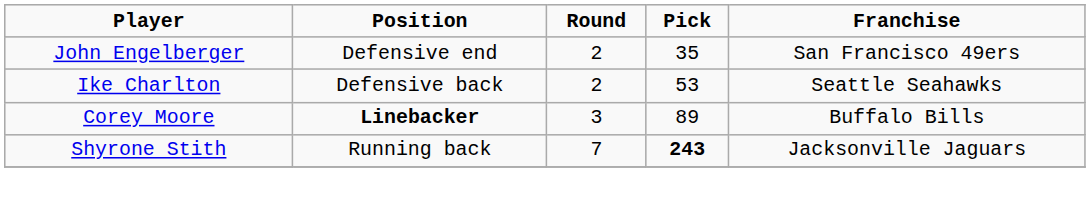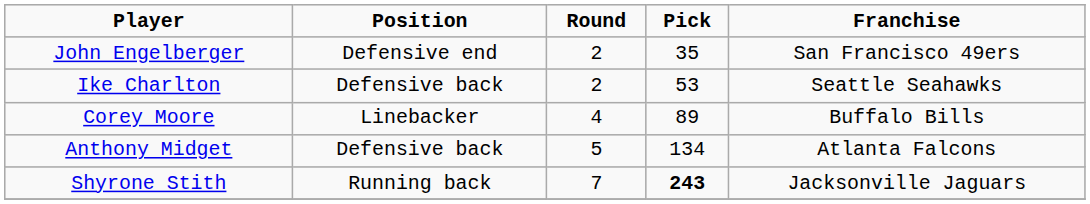 <table class="wikitable" width="80%">
 <tr align="center">
 <td><strong>Player</strong></td>
 <td><strong>Position</strong></td>
 <td><strong>Round</strong></td>
 <td><strong>Pick</strong></td>
 <td><strong>Franchise</strong></td>
 </tr>
 <tr align="center" bgcolor="">
 <td><a href='#'>John Engelberger</a></td>
 <td>Defensive end</td>
 <td>2</td>
 <td>35</td>
 <td>San Francisco 49ers</td>
 </tr>
 <tr align="center" bgcolor="">
 <td><a href='#'>Ike Charlton</a></td>
 <td>Defensive back</td>
 <td>2</td>
 <td>53</td>
 <td>Seattle Seahawks</td>
 </tr>
 <tr align="center" bgcolor="">
 <td><a href='#'>Corey Moore</a></td>
-<td><strong>Linebacker</strong></td>
-<td>3</td>
+<td>Linebacker</td>
+<td>4</td>
 <td>89</td>
 <td>Buffalo Bills</td>
+</tr>
+<tr align="center" bgcolor="">
+<td><a href='#'>Anthony Midget</a></td>
+<td>Defensive back</td>
+<td>5</td>
+<td>134</td>
+<td>Atlanta Falcons</td>
 </tr>
 <tr align="center" bgcolor="">
 <td><a href='#'>Shyrone Stith</a></td>
 <td>Running back</td>
 <td>7</td>
 <td><strong>243</strong></td>
 <td>Jacksonville Jaguars</td>
 </tr>
 <tr align="center" bgcolor="">
 </tr>
 </table>
